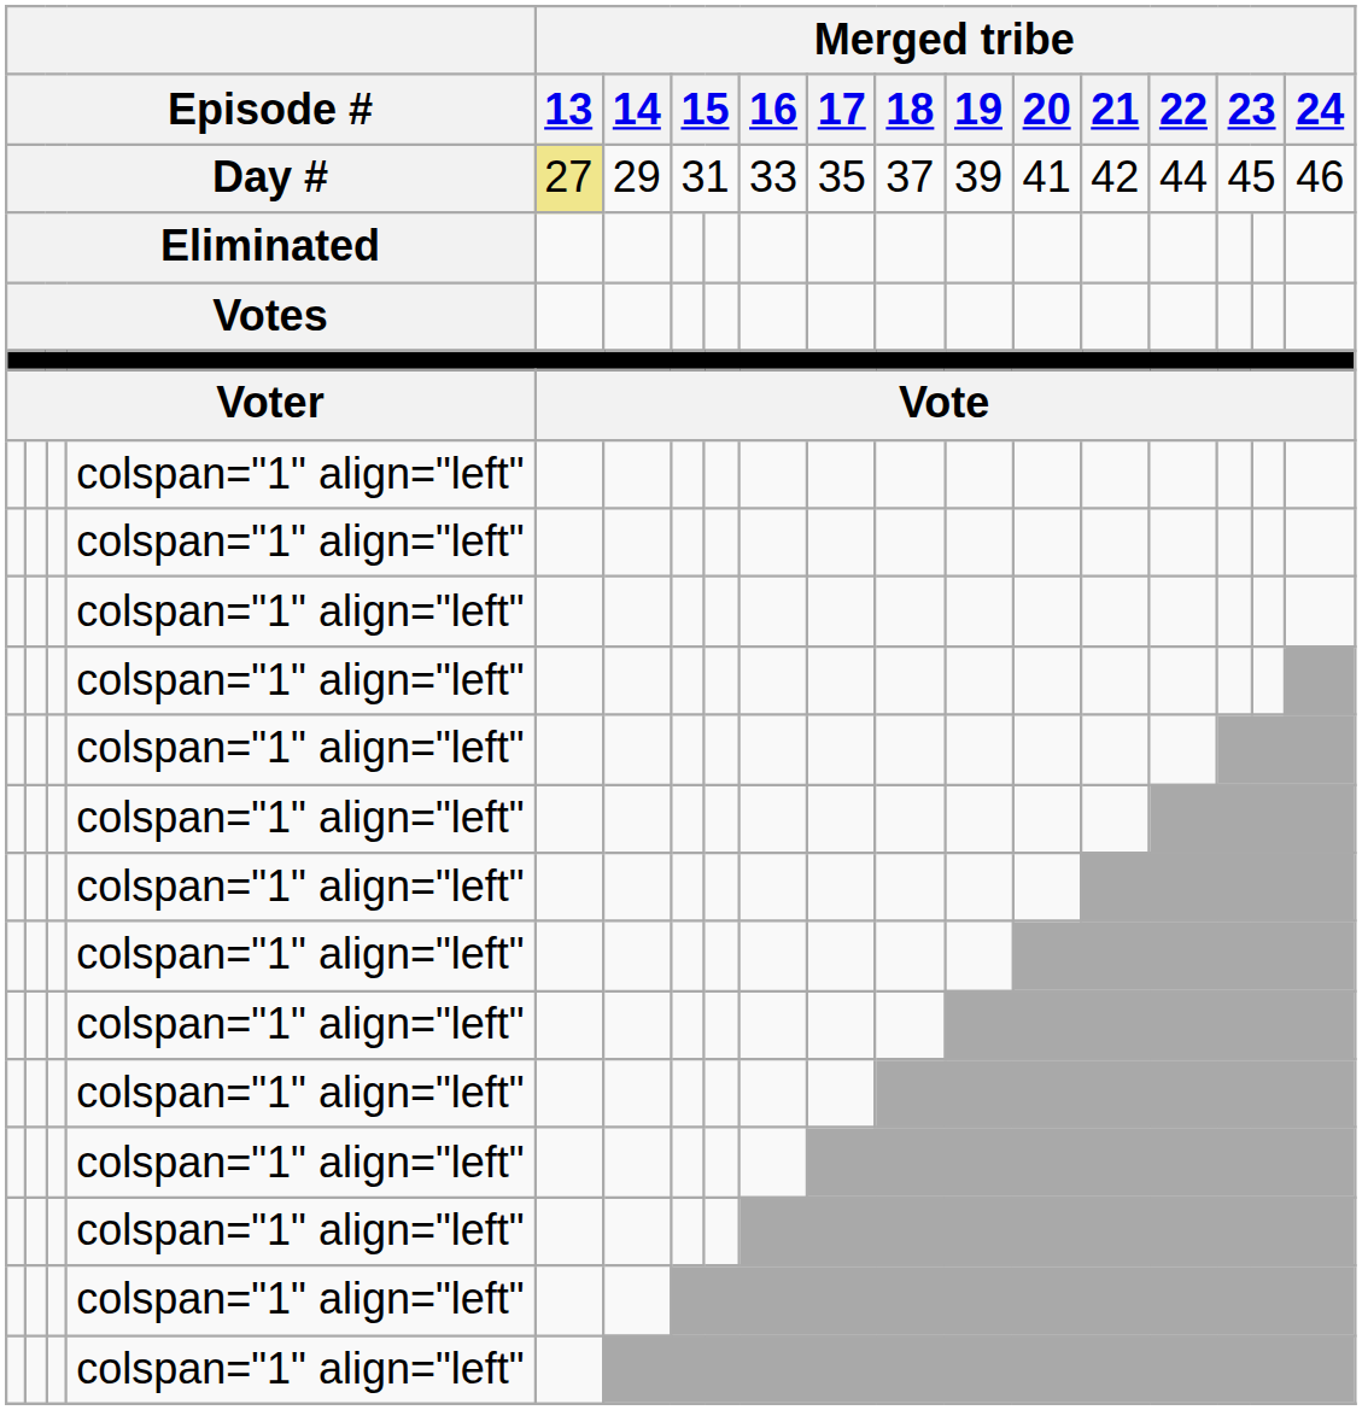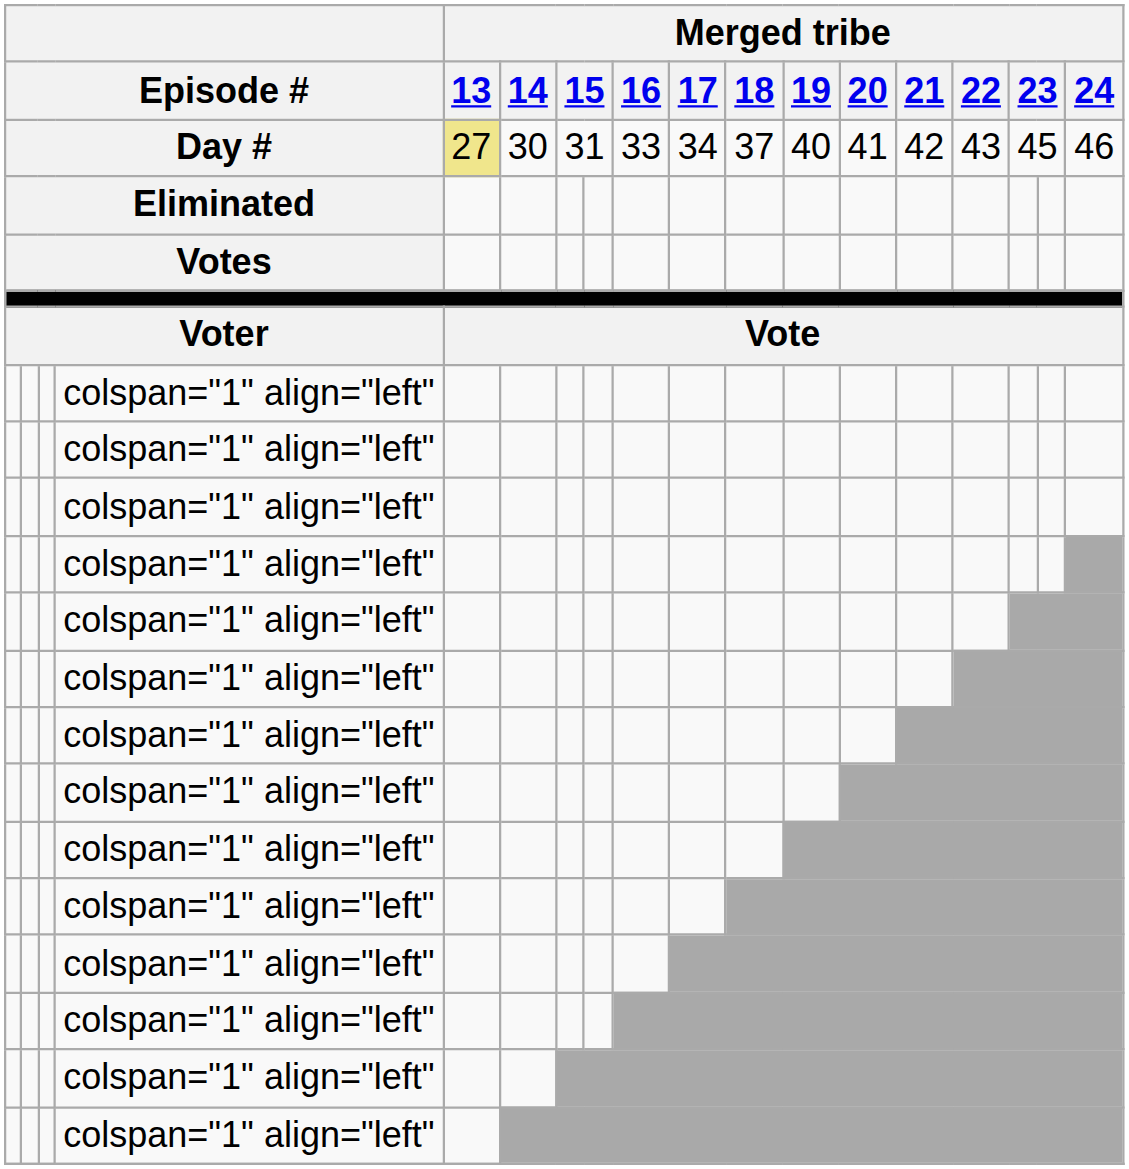 <table class="wikitable nowrap" style="text-align:center;">
 <tr>
 <th colspan="4"></th>
 <th colspan="14">Merged tribe</th>
 </tr>
 <tr>
 <th colspan="4">Episode #</th>
 <th><a href='#'>13</a></th>
 <th><a href='#'>14</a></th>
 <th colspan="2"><a href='#'>15</a></th>
 <th><a href='#'>16</a></th>
 <th><a href='#'>17</a></th>
 <th><a href='#'>18</a></th>
 <th><a href='#'>19</a></th>
 <th><a href='#'>20</a></th>
 <th><a href='#'>21</a></th>
 <th><a href='#'>22</a></th>
 <th colspan="2"><a href='#'>23</a></th>
 <th><a href='#'>24</a></th>
 </tr>
 <tr>
 <th colspan="4">Day #</th>
 <td style="background: khaki;">27</td>
-<td>29</td>
+<td>30</td>
 <td colspan="2">31</td>
 <td>33</td>
-<td>35</td>
+<td>34</td>
 <td>37</td>
-<td>39</td>
+<td>40</td>
 <td>41</td>
 <td>42</td>
-<td>44</td>
+<td>43</td>
 <td colspan="2">45</td>
 <td>46</td>
 </tr>
 <tr>
 <th colspan="4">Eliminated</th>
 <td></td>
 <td></td>
 <td></td>
 <td></td>
 <td></td>
 <td></td>
 <td></td>
 <td></td>
 <td></td>
 <td></td>
 <td></td>
 <td></td>
 <td></td>
 <td></td>
 </tr>
 <tr>
 <th colspan="4">Votes</th>
 <td></td>
 <td></td>
 <td></td>
 <td></td>
 <td></td>
 <td></td>
 <td></td>
 <td></td>
 <td></td>
 <td></td>
 <td></td>
 <td></td>
 <td></td>
 <td></td>
 </tr>
 <tr>
 <td colspan="18" bgcolor="black"></td>
 </tr>
 <tr>
 <th colspan="4">Voter</th>
 <th colspan="14" align="center">Vote</th>
 </tr>
 <tr>
 <td></td>
 <td></td>
 <td></td>
 <td>colspan="1" align="left" </td>
 <td></td>
 <td></td>
 <td></td>
 <td></td>
 <td></td>
 <td></td>
 <td></td>
 <td></td>
 <td></td>
 <td></td>
 <td></td>
 <td></td>
 <td></td>
 <td></td>
 </tr>
 <tr>
 <td></td>
 <td></td>
 <td></td>
 <td>colspan="1" align="left" </td>
 <td></td>
 <td></td>
 <td></td>
 <td></td>
 <td></td>
 <td></td>
 <td></td>
 <td></td>
 <td></td>
 <td></td>
 <td></td>
 <td></td>
 <td></td>
 <td></td>
 </tr>
 <tr>
 <td></td>
 <td></td>
 <td></td>
 <td>colspan="1" align="left" </td>
 <td></td>
 <td></td>
 <td></td>
 <td></td>
 <td></td>
 <td></td>
 <td></td>
 <td></td>
 <td></td>
 <td></td>
 <td></td>
 <td></td>
 <td></td>
 <td></td>
 </tr>
 <tr>
 <td></td>
 <td></td>
 <td></td>
 <td>colspan="1" align="left" </td>
 <td></td>
 <td></td>
 <td></td>
 <td></td>
 <td></td>
 <td></td>
 <td></td>
 <td></td>
 <td></td>
 <td></td>
 <td></td>
 <td></td>
 <td></td>
 <td colspan="1" style="background:darkgray;"></td>
 </tr>
 <tr>
 <td></td>
 <td></td>
 <td></td>
 <td>colspan="1" align="left" </td>
 <td></td>
 <td></td>
 <td></td>
 <td></td>
 <td></td>
 <td></td>
 <td></td>
 <td></td>
 <td></td>
 <td></td>
 <td></td>
 <td colspan="4" style="background:darkgray;"></td>
 </tr>
 <tr>
 <td></td>
 <td></td>
 <td></td>
 <td>colspan="1" align="left" </td>
 <td></td>
 <td></td>
 <td></td>
 <td></td>
 <td></td>
 <td></td>
 <td></td>
 <td></td>
 <td></td>
 <td></td>
 <td colspan="5" style="background:darkgray;"></td>
 </tr>
 <tr>
 <td></td>
 <td></td>
 <td></td>
 <td>colspan="1" align="left" </td>
 <td></td>
 <td></td>
 <td></td>
 <td></td>
 <td></td>
 <td></td>
 <td></td>
 <td></td>
 <td></td>
 <td colspan="6" style="background:darkgray;"></td>
 </tr>
 <tr>
 <td></td>
 <td></td>
 <td></td>
 <td>colspan="1" align="left" </td>
 <td></td>
 <td></td>
 <td></td>
 <td></td>
 <td></td>
 <td></td>
 <td></td>
 <td></td>
 <td colspan="7" style="background:darkgray;"></td>
 </tr>
 <tr>
 <td></td>
 <td></td>
 <td></td>
 <td>colspan="1" align="left" </td>
 <td></td>
 <td></td>
 <td></td>
 <td></td>
 <td></td>
 <td></td>
 <td></td>
 <td colspan="8" style="background:darkgray;"></td>
 </tr>
 <tr>
 <td></td>
 <td></td>
 <td></td>
 <td>colspan="1" align="left" </td>
 <td></td>
 <td></td>
 <td></td>
 <td></td>
 <td></td>
 <td></td>
 <td colspan="9" style="background:darkgray;"></td>
 </tr>
 <tr>
 <td></td>
 <td></td>
 <td></td>
 <td>colspan="1" align="left" </td>
 <td></td>
 <td></td>
 <td></td>
 <td></td>
 <td></td>
 <td colspan="10" style="background:darkgray;"></td>
 </tr>
 <tr>
 <td></td>
 <td></td>
 <td></td>
 <td>colspan="1" align="left" </td>
 <td></td>
 <td></td>
 <td></td>
 <td></td>
 <td colspan="11" style="background:darkgray;"></td>
 </tr>
 <tr>
 <td></td>
 <td></td>
 <td></td>
 <td>colspan="1" align="left" </td>
 <td></td>
 <td></td>
 <td colspan="13" style="background:darkgray;"></td>
 </tr>
 <tr>
 <td></td>
 <td></td>
 <td></td>
 <td>colspan="1" align="left" </td>
 <td></td>
 <td colspan="14" style="background:darkgray;"></td>
 </tr>
 <tr>
 </tr>
 </table>
